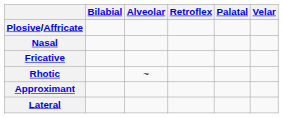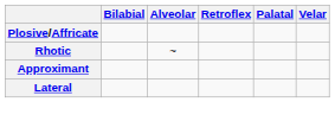 <table class="wikitable" style="text-align: center;">
 <tr>
 <th></th>
 <th><a href='#'>Bilabial</a></th>
 <th><a href='#'>Alveolar</a></th>
 <th><a href='#'>Retroflex</a></th>
 <th><a href='#'>Palatal</a></th>
 <th><a href='#'>Velar</a></th>
 </tr>
 <tr>
 <th><a href='#'>Plosive</a>/<a href='#'>Affricate</a></th>
 <td> </td>
 <td> </td>
 <td> </td>
 <td></td>
 <td> </td>
-</tr>
-<tr>
-<th><a href='#'>Nasal</a></th>
-<td></td>
-<td></td>
-<td></td>
-<td></td>
-<td></td>
-</tr>
-<tr>
-<th><a href='#'>Fricative</a></th>
-<td></td>
-<td> </td>
-<td></td>
-<td></td>
-<td></td>
 </tr>
 <tr>
 <th><a href='#'>Rhotic</a></th>
 <td></td>
 <td>~</td>
 <td></td>
 <td></td>
 <td></td>
 </tr>
 <tr>
 <th><a href='#'>Approximant</a></th>
 <td></td>
 <td></td>
 <td></td>
 <td></td>
 <td></td>
 </tr>
 <tr>
 <th><a href='#'>Lateral</a></th>
 <td></td>
 <td></td>
 <td></td>
 <td></td>
 <td></td>
 </tr>
 </table>
